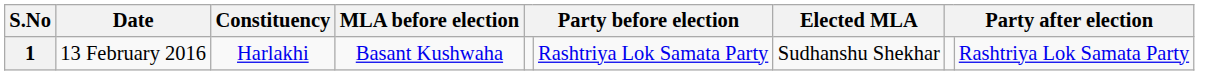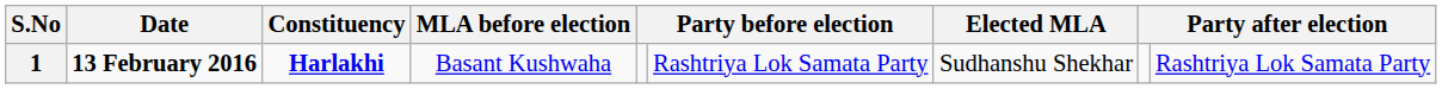 <table class="wikitable sortable" style="text-align:center;">
 <tr>
 <th>S.No</th>
 <th>Date</th>
 <th>Constituency</th>
 <th>MLA before election</th>
 <th colspan="2">Party before election</th>
 <th>Elected MLA</th>
 <th colspan="2">Party after election</th>
 </tr>
 <tr>
 <th>1</th>
-<td>13 February 2016</td>
-<td><a href='#'>Harlakhi</a></td>
+<td><strong>13 February 2016</strong></td>
+<td><strong><a href='#'>Harlakhi</a></strong></td>
 <td><a href='#'>Basant Kushwaha</a></td>
 <td></td>
 <td><a href='#'>Rashtriya Lok Samata Party</a></td>
 <td>Sudhanshu Shekhar</td>
 <td></td>
 <td><a href='#'>Rashtriya Lok Samata Party</a></td>
 </tr>
 </table>
